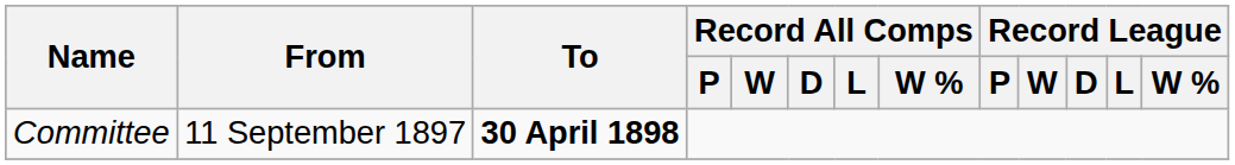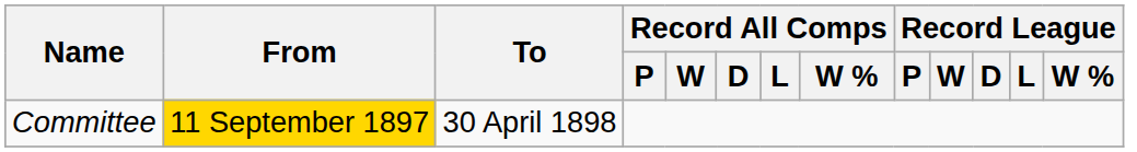 <table style="text-align: center" class="wikitable">
 <tr>
 <th rowspan="2">Name</th>
 <th rowspan="2">From</th>
 <th rowspan="2">To</th>
 <th colspan="5">Record All Comps</th>
 <th colspan="5">Record League</th>
 </tr>
 <tr>
 <th>P</th>
 <th>W</th>
 <th>D</th>
 <th>L</th>
 <th>W %</th>
 <th>P</th>
 <th>W</th>
 <th>D</th>
 <th>L</th>
 <th>W %</th>
 </tr>
 <tr>
 <td style="text-align:left;"><em>Committee</em></td>
-<td style="text-align:left;">11 September 1897</td>
-<td style="text-align:left;"><strong>30 April 1898<br> </strong></td>
+<td style="background: gold; text-align:left;">11 September 1897</td>
+<td style="text-align:left;">30 April 1898<br> </td>
 </tr>
 </table>
